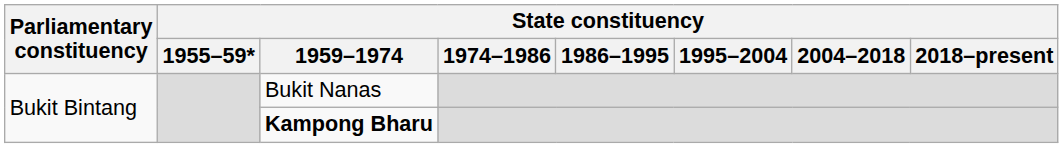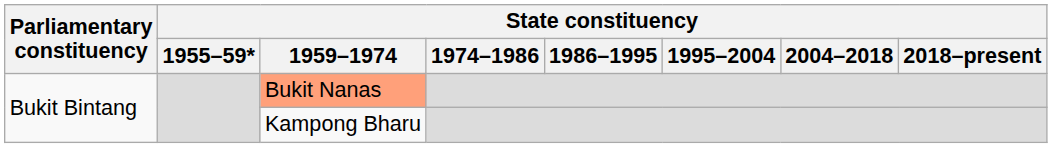 <table class="wikitable">
 <tr>
 <th rowspan="2">Parliamentary<br>constituency</th>
 <th colspan="7">State constituency</th>
 </tr>
 <tr>
 <th>1955–59*</th>
 <th>1959–1974</th>
 <th>1974–1986</th>
 <th>1986–1995</th>
 <th>1995–2004</th>
 <th>2004–2018</th>
 <th>2018–present</th>
 </tr>
 <tr>
 <td rowspan="2">Bukit Bintang</td>
 <td rowspan="2" bgcolor="dcdcdc"></td>
-<td>Bukit Nanas</td>
+<td style="background: lightsalmon;">Bukit Nanas</td>
 <td colspan="5" bgcolor="dcdcdc"></td>
 </tr>
 <tr>
-<td><strong>Kampong Bharu</strong></td>
+<td>Kampong Bharu</td>
 <td colspan="5" bgcolor="dcdcdc"></td>
 </tr>
 </table>
